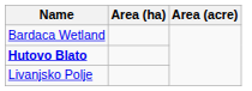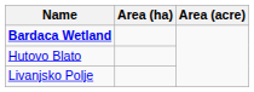 <table class="wikitable">
 <tr>
 <th scope="col" align=left>Name</th>
 <th scope="col">Area (ha)</th>
 <th scope="col">Area (acre)</th>
 </tr>
 <tr ---->
-<td><a href='#'>Bardaca Wetland</a></td>
+<td><strong><a href='#'>Bardaca Wetland</a></strong></td>
 <td></td>
 </tr>
 <tr ---->
-<td><strong><a href='#'>Hutovo Blato</a></strong></td>
+<td><a href='#'>Hutovo Blato</a></td>
 <td></td>
 </tr>
 <tr ---->
 <td><a href='#'>Livanjsko Polje</a></td>
 <td></td>
 </tr>
 </table>
